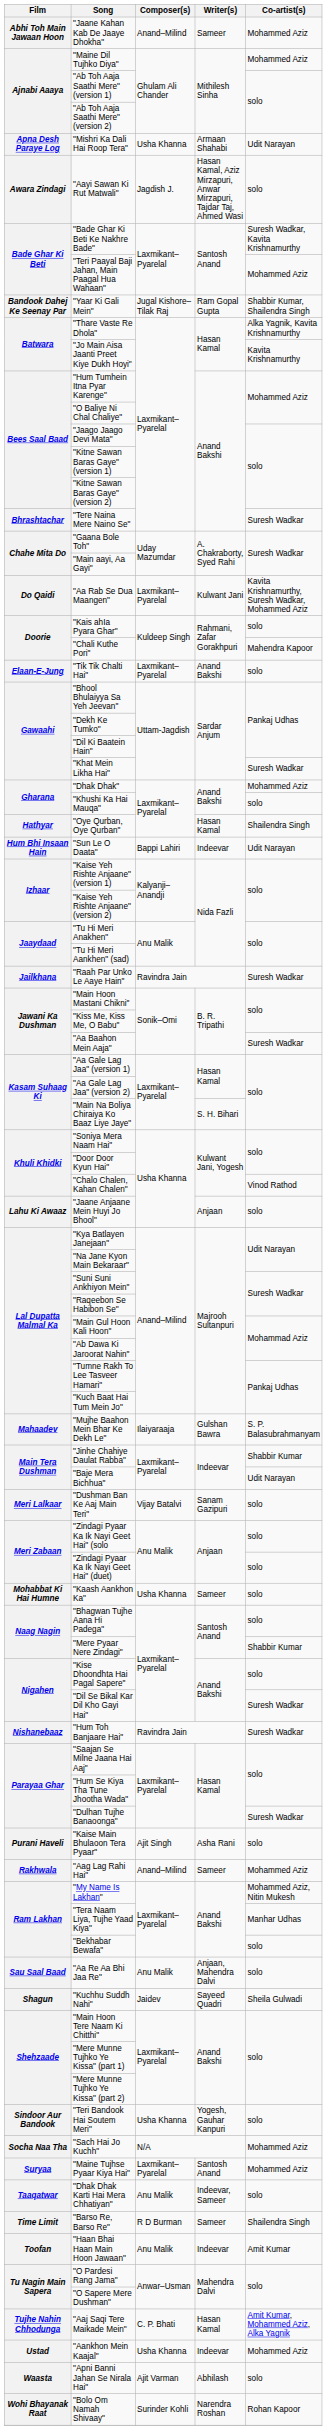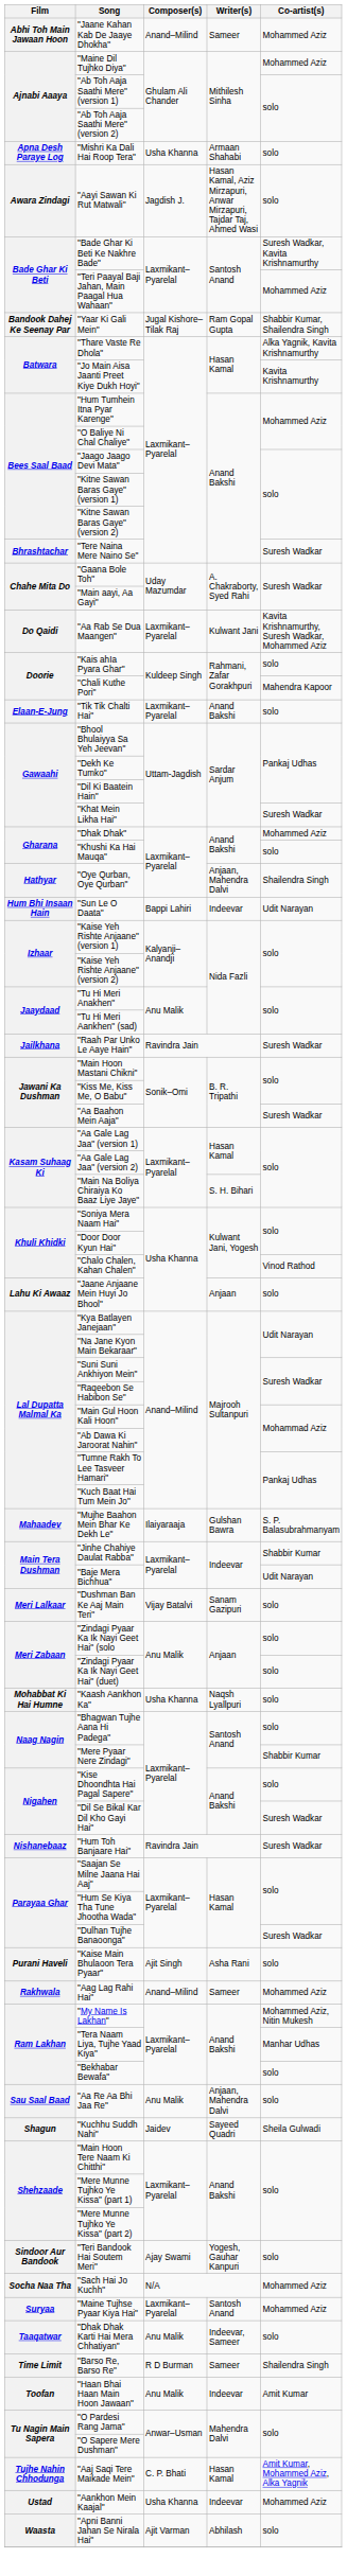 <table class="wikitable plainrowheaders" style="width:100%; textcolor:#000">
 <tr style="background:#b0e0e66;">
 <th scope="col" style="width:23%;"><strong>Film</strong></th>
 <th scope="col" style="width:23%;"><strong>Song</strong></th>
 <th scope="col" style="width:20%;"><strong>Composer(s)</strong></th>
 <th scope="col" style="width:16%;"><strong>Writer(s)</strong></th>
 <th scope="col" style="width:18%;"><strong>Co-artist(s)</strong></th>
 </tr>
 <tr>
 <th><em>Abhi Toh Main Jawaan Hoon</em></th>
 <td>"Jaane Kahan Kab De Jaaye Dhokha"</td>
 <td>Anand–Milind</td>
 <td>Sameer</td>
 <td>Mohammed Aziz</td>
 </tr>
 <tr>
 <th Rowspan=3><em>Ajnabi Aaaya</em></th>
 <td>"Maine Dil Tujhko Diya"</td>
 <td Rowspan=3>Ghulam Ali Chander</td>
 <td Rowspan=3>Mithilesh Sinha</td>
 <td>Mohammed Aziz</td>
 </tr>
 <tr>
 <td>"Ab Toh Aaja Saathi Mere" (version 1)</td>
 <td Rowspan=2>solo</td>
 </tr>
 <tr>
 <td>"Ab Toh Aaja Saathi Mere" (version 2)</td>
 </tr>
 <tr>
 <th><em><a href='#'>Apna Desh Paraye Log</a></em></th>
 <td>"Mishri Ka Dali Hai Roop Tera"</td>
 <td>Usha Khanna</td>
 <td>Armaan Shahabi</td>
-<td>Udit Narayan</td>
+<td>solo</td>
 </tr>
 <tr>
 <th><em>Awara Zindagi</em></th>
 <td>"Aayi Sawan Ki Rut Matwali"</td>
 <td>Jagdish J.</td>
 <td>Hasan Kamal, Aziz Mirzapuri, Anwar Mirzapuri, Tajdar Taj, Ahmed Wasi</td>
 <td>solo</td>
 </tr>
 <tr>
 <th rowspan=2><em><a href='#'>Bade Ghar Ki Beti</a></em></th>
 <td>"Bade Ghar Ki Beti Ke Nakhre Bade"</td>
 <td rowspan=2>Laxmikant–Pyarelal</td>
 <td rowspan=2>Santosh Anand</td>
 <td>Suresh Wadkar, Kavita Krishnamurthy</td>
 </tr>
 <tr>
 <td>"Teri Paayal Baji Jahan, Main Paagal Hua Wahaan"</td>
 <td>Mohammed Aziz</td>
 </tr>
 <tr>
 <th><em>Bandook Dahej Ke Seenay Par</em></th>
 <td>"Yaar Ki Gali Mein"</td>
 <td>Jugal Kishore–Tilak Raj</td>
 <td>Ram Gopal Gupta</td>
 <td>Shabbir Kumar, Shailendra Singh</td>
 </tr>
 <tr>
 <th Rowspan=2><em><a href='#'>Batwara</a></em></th>
 <td>"Thare Vaste Re Dhola"</td>
 <td rowspan=8>Laxmikant–Pyarelal</td>
 <td rowspan=2>Hasan Kamal</td>
 <td>Alka Yagnik, Kavita Krishnamurthy</td>
 </tr>
 <tr>
 <td>"Jo Main Aisa Jaanti Preet Kiye Dukh Hoyi"</td>
 <td>Kavita Krishnamurthy</td>
 </tr>
 <tr>
 <th Rowspan=5><em><a href='#'>Bees Saal Baad</a></em></th>
 <td>"Hum Tumhein Itna Pyar Karenge"</td>
 <td rowspan=6>Anand Bakshi</td>
 <td Rowspan=2>Mohammed Aziz</td>
 </tr>
 <tr>
 <td>"O Baliye Ni Chal Chaliye"</td>
 </tr>
 <tr>
 <td>"Jaago Jaago Devi Mata"</td>
 <td rowspan=3>solo</td>
 </tr>
 <tr>
 <td>"Kitne Sawan Baras Gaye" (version 1)</td>
 </tr>
 <tr>
 <td>"Kitne Sawan Baras Gaye" (version 2)</td>
 </tr>
 <tr>
 <th Rowspan=><em><a href='#'>Bhrashtachar</a></em></th>
 <td>"Tere Naina Mere Naino Se"</td>
 <td>Suresh Wadkar</td>
 </tr>
 <tr>
 <th Rowspan=2><em>Chahe Mita Do</em></th>
 <td>"Gaana Bole Toh"</td>
 <td rowspan=2>Uday Mazumdar</td>
 <td rowspan=2>A. Chakraborty, Syed Rahi</td>
 <td rowspan=2>Suresh Wadkar</td>
 </tr>
 <tr>
 <td>"Main aayi, Aa Gayi"</td>
 </tr>
 <tr>
 <th><em>Do Qaidi</em></th>
 <td>"Aa Rab Se Dua Maangen"</td>
 <td>Laxmikant–Pyarelal</td>
 <td>Kulwant Jani</td>
 <td>Kavita Krishnamurthy, Suresh Wadkar, Mohammed Aziz</td>
 </tr>
 <tr>
 <th Rowspan=2><em>Doorie</em></th>
 <td>"Kais ahIa Pyara Ghar"</td>
 <td rowspan=2>Kuldeep Singh</td>
 <td Rowspan=2>Rahmani, Zafar Gorakhpuri</td>
 <td>solo</td>
 </tr>
 <tr>
 <td>"Chali Kuthe Pori"</td>
 <td>Mahendra Kapoor</td>
 </tr>
 <tr>
 <th><em><a href='#'>Elaan-E-Jung</a></em></th>
 <td>"Tik Tik Chalti Hai"</td>
 <td>Laxmikant–Pyarelal</td>
 <td>Anand Bakshi</td>
 <td>solo</td>
 </tr>
 <tr>
 <th Rowspan=4><em><a href='#'>Gawaahi</a></em></th>
 <td>"Bhool Bhulaiyya Sa Yeh Jeevan"</td>
 <td Rowspan=4>Uttam-Jagdish</td>
 <td Rowspan=4>Sardar Anjum</td>
 <td rowspan=3>Pankaj Udhas</td>
 </tr>
 <tr>
 <td>"Dekh Ke Tumko"</td>
 </tr>
 <tr>
 <td>"Dil Ki Baatein Hain"</td>
 </tr>
 <tr>
 <td>"Khat Mein Likha Hai"</td>
 <td>Suresh Wadkar</td>
 </tr>
 <tr>
 <th Rowspan=2><em><a href='#'>Gharana</a></em></th>
 <td>"Dhak Dhak"</td>
 <td rowspan=3>Laxmikant–Pyarelal</td>
 <td rowspan=2>Anand Bakshi</td>
 <td>Mohammed Aziz</td>
 </tr>
 <tr>
 <td>"Khushi Ka Hai Mauqa"</td>
 <td>solo</td>
 </tr>
 <tr>
 <th><em><a href='#'>Hathyar</a></em></th>
 <td>"Oye Qurban, Oye Qurban"</td>
-<td>Hasan Kamal</td>
+<td>Anjaan, Mahendra Dalvi</td>
 <td>Shailendra Singh</td>
 </tr>
 <tr>
 <th><em><a href='#'>Hum Bhi Insaan Hain</a></em></th>
 <td>"Sun Le O Daata"</td>
 <td>Bappi Lahiri</td>
 <td>Indeevar</td>
 <td>Udit Narayan</td>
 </tr>
 <tr>
 <th Rowspan=2><em><a href='#'>Izhaar</a></em></th>
 <td>"Kaise Yeh Rishte Anjaane" (version 1)</td>
 <td Rowspan=2>Kalyanji–Anandji</td>
 <td rowspan=4>Nida Fazli</td>
 <td Rowspan=2>solo</td>
 </tr>
 <tr>
 <td>"Kaise Yeh Rishte Anjaane" (version 2)</td>
 </tr>
 <tr>
 <th Rowspan=2><em><a href='#'>Jaaydaad</a></em></th>
 <td>"Tu Hi Meri Anakhen"</td>
 <td Rowspan=2>Anu Malik</td>
 <td Rowspan=2>solo</td>
 </tr>
 <tr>
 <td>"Tu Hi Meri Aankhen" (sad)</td>
 </tr>
 <tr>
 <th><em><a href='#'>Jailkhana</a></em></th>
 <td>"Raah Par Unko Le Aaye Hain"</td>
 <td colspan=2>Ravindra Jain</td>
 <td>Suresh Wadkar</td>
 </tr>
 <tr>
 <th Rowspan=3><em>Jawani Ka Dushman</em></th>
 <td>"Main Hoon Mastani Chikni"</td>
 <td rowspan=3>Sonik–Omi</td>
 <td Rowspan=3>B. R. Tripathi</td>
 <td rowspan=2>solo</td>
 </tr>
 <tr>
 <td>"Kiss Me, Kiss Me, O Babu"</td>
 </tr>
 <tr>
 <td>"Aa Baahon Mein Aaja"</td>
 <td>Suresh Wadkar</td>
 </tr>
 <tr>
 <th Rowspan=3><em><a href='#'>Kasam Suhaag Ki</a></em></th>
 <td>"Aa Gale Lag Jaa" (version 1)</td>
 <td Rowspan=3>Laxmikant–Pyarelal</td>
 <td Rowspan=2>Hasan Kamal</td>
 <td rowspan=3>solo</td>
 </tr>
 <tr>
 <td>"Aa Gale Lag Jaa" (version 2)</td>
 </tr>
 <tr>
 <td>"Main Na Boliya Chiraiya Ko Baaz Liye Jaye"</td>
 <td>S. H. Bihari</td>
 </tr>
 <tr>
 <th Rowspan=3><em><a href='#'>Khuli Khidki</a></em></th>
 <td>"Soniya Mera Naam Hai"</td>
 <td Rowspan=4>Usha Khanna</td>
 <td rowspan=3>Kulwant Jani, Yogesh</td>
 <td rowspan=2>solo</td>
 </tr>
 <tr>
 <td>"Door Door Kyun Hai"</td>
 </tr>
 <tr>
 <td>"Chalo Chalen, Kahan Chalen"</td>
 <td>Vinod Rathod</td>
 </tr>
 <tr>
 <th><em>Lahu Ki Awaaz</em></th>
 <td>"Jaane Anjaane Mein Huyi Jo Bhool"</td>
 <td>Anjaan</td>
 <td>solo</td>
 </tr>
 <tr>
 <th Rowspan=8><em><a href='#'>Lal Dupatta Malmal Ka</a></em></th>
 <td>"Kya Batlayen Janejaan"</td>
 <td rowspan=8>Anand–Milind</td>
 <td rowspan=8>Majrooh Sultanpuri</td>
 <td rowspan=2>Udit Narayan</td>
 </tr>
 <tr>
 <td>"Na Jane Kyon Main Bekaraar"</td>
 </tr>
 <tr>
 <td>"Suni Suni Ankhiyon Mein"</td>
 <td rowspan=2>Suresh Wadkar</td>
 </tr>
 <tr>
 <td>"Raqeebon Se Habibon Se"</td>
 </tr>
 <tr>
 <td>"Main Gul Hoon Kali Hoon"</td>
 <td rowspan=2>Mohammad Aziz</td>
 </tr>
 <tr>
 <td>"Ab Dawa Ki Jaroorat Nahin"</td>
 </tr>
 <tr>
 <td>"Tumne Rakh To Lee Tasveer Hamari"</td>
 <td rowspan=2>Pankaj Udhas</td>
 </tr>
 <tr>
 <td>"Kuch Baat Hai Tum Mein Jo"</td>
 </tr>
 <tr>
 <th><em><a href='#'>Mahaadev</a></em></th>
 <td>"Mujhe Baahon Mein Bhar Ke Dekh Le"</td>
 <td>Ilaiyaraaja</td>
 <td>Gulshan Bawra</td>
 <td>S. P. Balasubrahmanyam</td>
 </tr>
 <tr>
 <th Rowspan=2><em><a href='#'>Main Tera Dushman</a></em></th>
 <td>"Jinhe Chahiye Daulat Rabba"</td>
 <td rowspan=2>Laxmikant–Pyarelal</td>
 <td Rowspan=2>Indeevar</td>
 <td>Shabbir Kumar</td>
 </tr>
 <tr>
 <td>"Baje Mera Bichhua"</td>
 <td>Udit Narayan</td>
 </tr>
 <tr>
 <th><em><a href='#'>Meri Lalkaar</a></em></th>
 <td>"Dushman Ban Ke Aaj Main Teri"</td>
 <td>Vijay Batalvi</td>
 <td>Sanam Gazipuri</td>
 <td>solo</td>
 </tr>
 <tr>
 <th Rowspan=2><em><a href='#'>Meri Zabaan</a></em></th>
 <td>"Zindagi Pyaar Ka Ik Nayi Geet Hai" (solo</td>
 <td rowspan=2>Anu Malik</td>
 <td rowspan=2>Anjaan</td>
 <td>solo</td>
 </tr>
 <tr>
 <td>"Zindagi Pyaar Ka Ik Nayi Geet Hai" (duet)</td>
 <td>solo</td>
 </tr>
 <tr>
 <th><em>Mohabbat Ki Hai Humne</em></th>
 <td>"Kaash Aankhon Ka"</td>
 <td>Usha Khanna</td>
-<td>Sameer</td>
+<td>Naqsh Lyallpuri</td>
 <td>solo</td>
 </tr>
 <tr>
 <th Rowspan=2><em><a href='#'>Naag Nagin</a></em></th>
 <td>"Bhagwan Tujhe Aana Hi Padega"</td>
 <td Rowspan=4>Laxmikant–Pyarelal</td>
 <td Rowspan=2>Santosh Anand</td>
 <td>solo</td>
 </tr>
 <tr>
 <td>"Mere Pyaar Nere Zindagi"</td>
 <td>Shabbir Kumar</td>
 </tr>
 <tr>
 <th Rowspan=2><em><a href='#'>Nigahen</a></em></th>
 <td>"Kise Dhoondhta Hai Pagal Sapere"</td>
 <td rowspan=2>Anand Bakshi</td>
 <td>solo</td>
 </tr>
 <tr>
 <td>"Dil Se Bikal Kar Dil Kho Gayi Hai"</td>
 <td>Suresh Wadkar</td>
 </tr>
 <tr>
 <th><em><a href='#'>Nishanebaaz</a></em></th>
 <td>"Hum Toh Banjaare Hai"</td>
 <td colspan=2>Ravindra Jain</td>
 <td>Suresh Wadkar</td>
 </tr>
 <tr>
 <th Rowspan=3><em><a href='#'>Parayaa Ghar</a></em></th>
 <td>"Saajan Se Milne Jaana Hai Aaj"</td>
 <td Rowspan=3>Laxmikant–Pyarelal</td>
 <td rowspan=3>Hasan Kamal</td>
 <td rowspan=2>solo</td>
 </tr>
 <tr>
 <td>"Hum Se Kiya Tha Tune Jhootha Wada"</td>
 </tr>
 <tr>
 <td>"Dulhan Tujhe Banaoonga"</td>
 <td>Suresh Wadkar</td>
 </tr>
 <tr>
 <th><em>Purani Haveli</em></th>
 <td>"Kaise Main Bhulaoon Tera Pyaar"</td>
 <td>Ajit Singh</td>
 <td>Asha Rani</td>
 <td>solo</td>
 </tr>
 <tr>
 <th><em><a href='#'>Rakhwala</a></em></th>
 <td>"Aag Lag Rahi Hai"</td>
 <td>Anand–Milind</td>
 <td>Sameer</td>
 <td>Mohammed Aziz</td>
 </tr>
 <tr>
 <th Rowspan=3><em><a href='#'>Ram Lakhan</a></em></th>
 <td>"<a href='#'>My Name Is Lakhan</a>"</td>
 <td Rowspan=3>Laxmikant–Pyarelal</td>
 <td rowspan=3>Anand Bakshi</td>
 <td>Mohammed Aziz, Nitin Mukesh</td>
 </tr>
 <tr>
 <td>"Tera Naam Liya, Tujhe Yaad Kiya"</td>
 <td>Manhar Udhas</td>
 </tr>
 <tr>
 <td>"Bekhabar Bewafa"</td>
 <td>solo</td>
 </tr>
 <tr>
 <th><em><a href='#'>Sau Saal Baad</a></em></th>
 <td>"Aa Re Aa Bhi Jaa Re"</td>
 <td>Anu Malik</td>
 <td>Anjaan, Mahendra Dalvi</td>
 <td>solo</td>
 </tr>
 <tr>
 <th><em>Shagun</em></th>
 <td>"Kuchhu Suddh Nahi"</td>
 <td>Jaidev</td>
 <td>Sayeed Quadri</td>
 <td>Sheila Gulwadi</td>
 </tr>
 <tr>
 <th Rowspan=3><em><a href='#'>Shehzaade</a></em></th>
 <td>"Main Hoon Tere Naam Ki Chitthi"</td>
 <td Rowspan=3>Laxmikant–Pyarelal</td>
 <td Rowspan=3>Anand Bakshi</td>
 <td rowspan=3>solo</td>
 </tr>
 <tr>
 <td>"Mere Munne Tujhko Ye Kissa" (part 1)</td>
 </tr>
 <tr>
 <td>"Mere Munne Tujhko Ye Kissa" (part 2)</td>
 </tr>
 <tr>
 <th><em>Sindoor Aur Bandook</em></th>
 <td>"Teri Bandook Hai Soutem Meri"</td>
-<td>Usha Khanna</td>
+<td>Ajay Swami</td>
 <td>Yogesh, Gauhar Kanpuri</td>
 <td>solo</td>
 </tr>
 <tr>
 <th><em>Socha Naa Tha</em></th>
 <td>"Sach Hai Jo Kuchh"</td>
 <td colspan=2>N/A</td>
 <td>Mohammed Aziz</td>
 </tr>
 <tr>
 <th><em><a href='#'>Suryaa</a></em></th>
 <td>"Maine Tujhse Pyaar Kiya Hai"</td>
 <td>Laxmikant–Pyarelal</td>
 <td>Santosh Anand</td>
 <td>Mohammed Aziz</td>
 </tr>
 <tr>
 <th><em><a href='#'>Taaqatwar</a></em></th>
 <td>"Dhak Dhak Karti Hai Mera Chhatiyan"</td>
 <td>Anu Malik</td>
 <td>Indeevar, Sameer</td>
 <td>solo</td>
 </tr>
 <tr>
 <th><em>Time Limit</em></th>
 <td>"Barso Re, Barso Re"</td>
 <td>R D Burman</td>
 <td>Sameer</td>
 <td>Shailendra Singh</td>
 </tr>
 <tr>
 <th><em>Toofan</em></th>
 <td>"Haan Bhai Haan Main Hoon Jawaan"</td>
 <td>Anu Malik</td>
 <td>Indeevar</td>
 <td>Amit Kumar</td>
 </tr>
 <tr>
 <th Rowspan=2><em>Tu Nagin Main Sapera</em></th>
 <td>"O Pardesi Rang Jama"</td>
 <td rowspan=2>Anwar–Usman</td>
 <td Rowspan=2>Mahendra Dalvi</td>
 <td rowspan=2>solo</td>
 </tr>
 <tr>
 <td>"O Sapere Mere Dushman"</td>
 </tr>
 <tr>
 <th><em><a href='#'>Tujhe Nahin Chhodunga</a></em></th>
 <td>"Aaj Saqi Tere Maikade Mein"</td>
 <td>C. P. Bhati</td>
 <td>Hasan Kamal</td>
 <td><a href='#'>Amit Kumar</a>, <a href='#'>Mohammed Aziz</a>, <a href='#'>Alka Yagnik</a></td>
 </tr>
 <tr>
 <th><em>Ustad</em></th>
 <td>"Aankhon Mein Kaajal"</td>
 <td>Usha Khanna</td>
 <td>Indeevar</td>
 <td>Mohammed Aziz</td>
 </tr>
 <tr>
 <th><em>Waasta</em></th>
 <td>"Apni Banni Jahan Se Nirala Hai"</td>
 <td>Ajit Varman</td>
 <td>Abhilash</td>
 <td>solo</td>
 </tr>
 <tr>
-<th><em>Wohi Bhayanak Raat</em></th>
-<td>"Bolo Om Namah Shivaay"</td>
-<td>Surinder Kohli</td>
-<td>Narendra Roshan</td>
-<td>Rohan Kapoor</td>
-</tr>
-<tr>
 </tr>
 </table>
